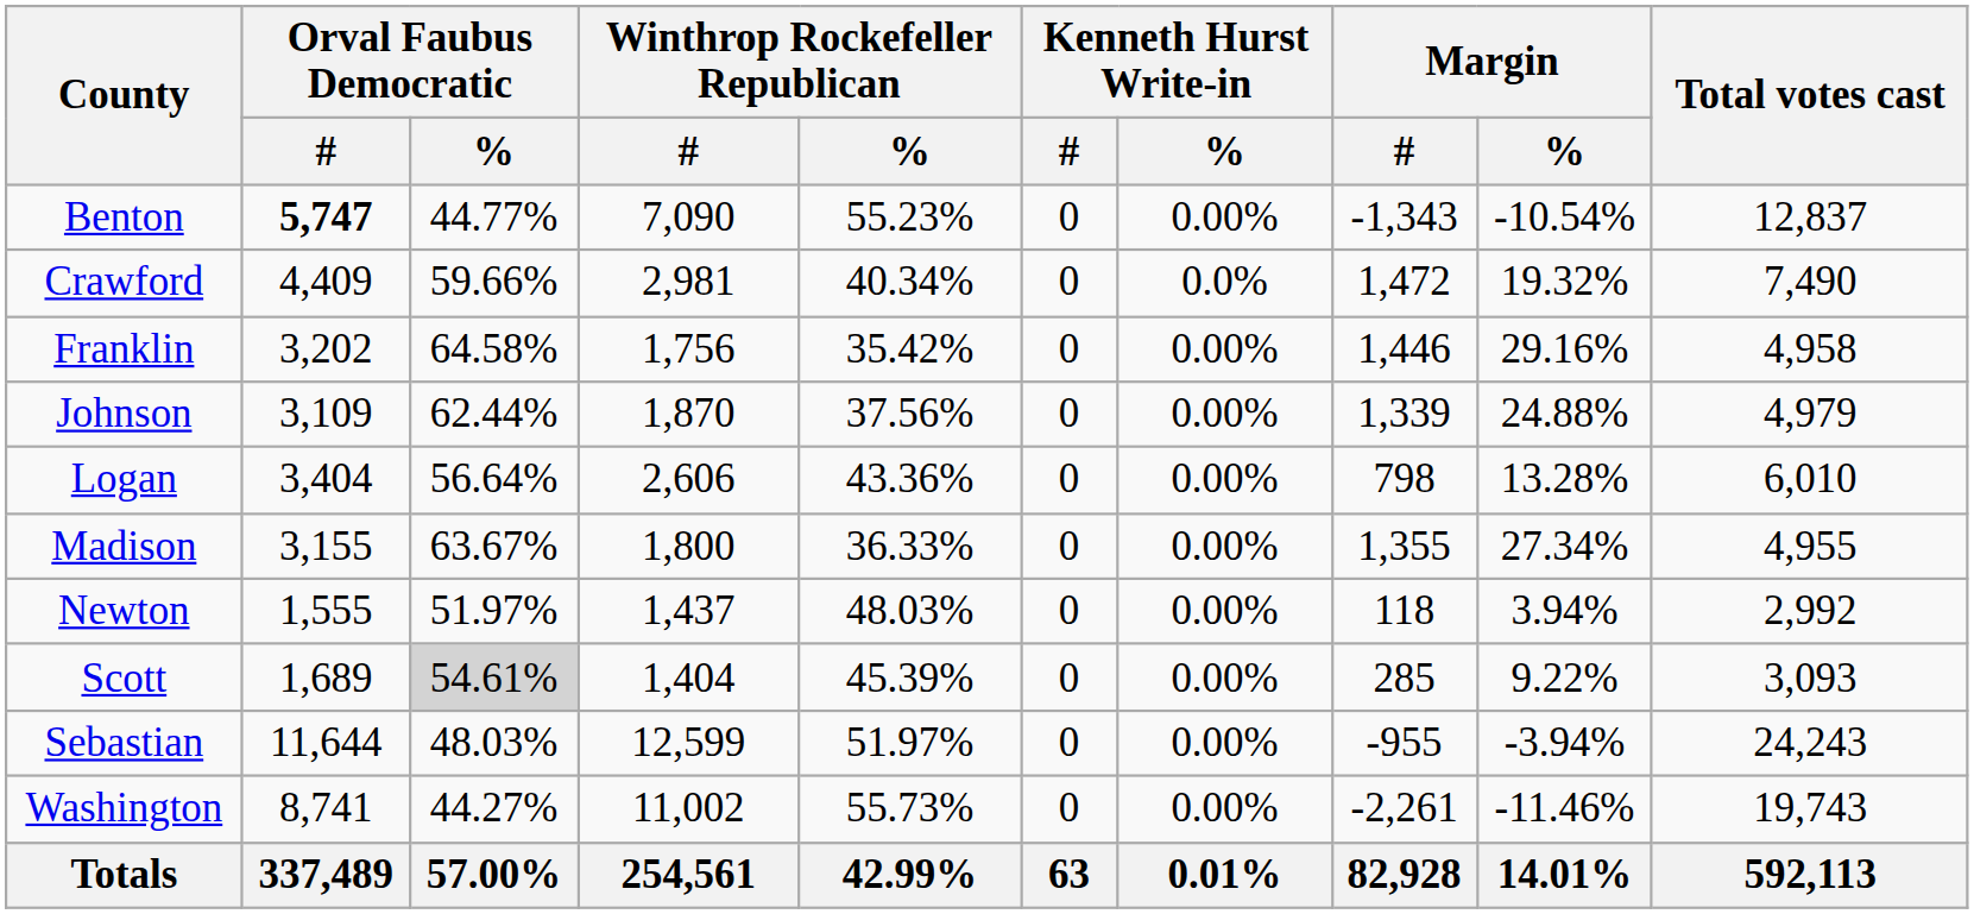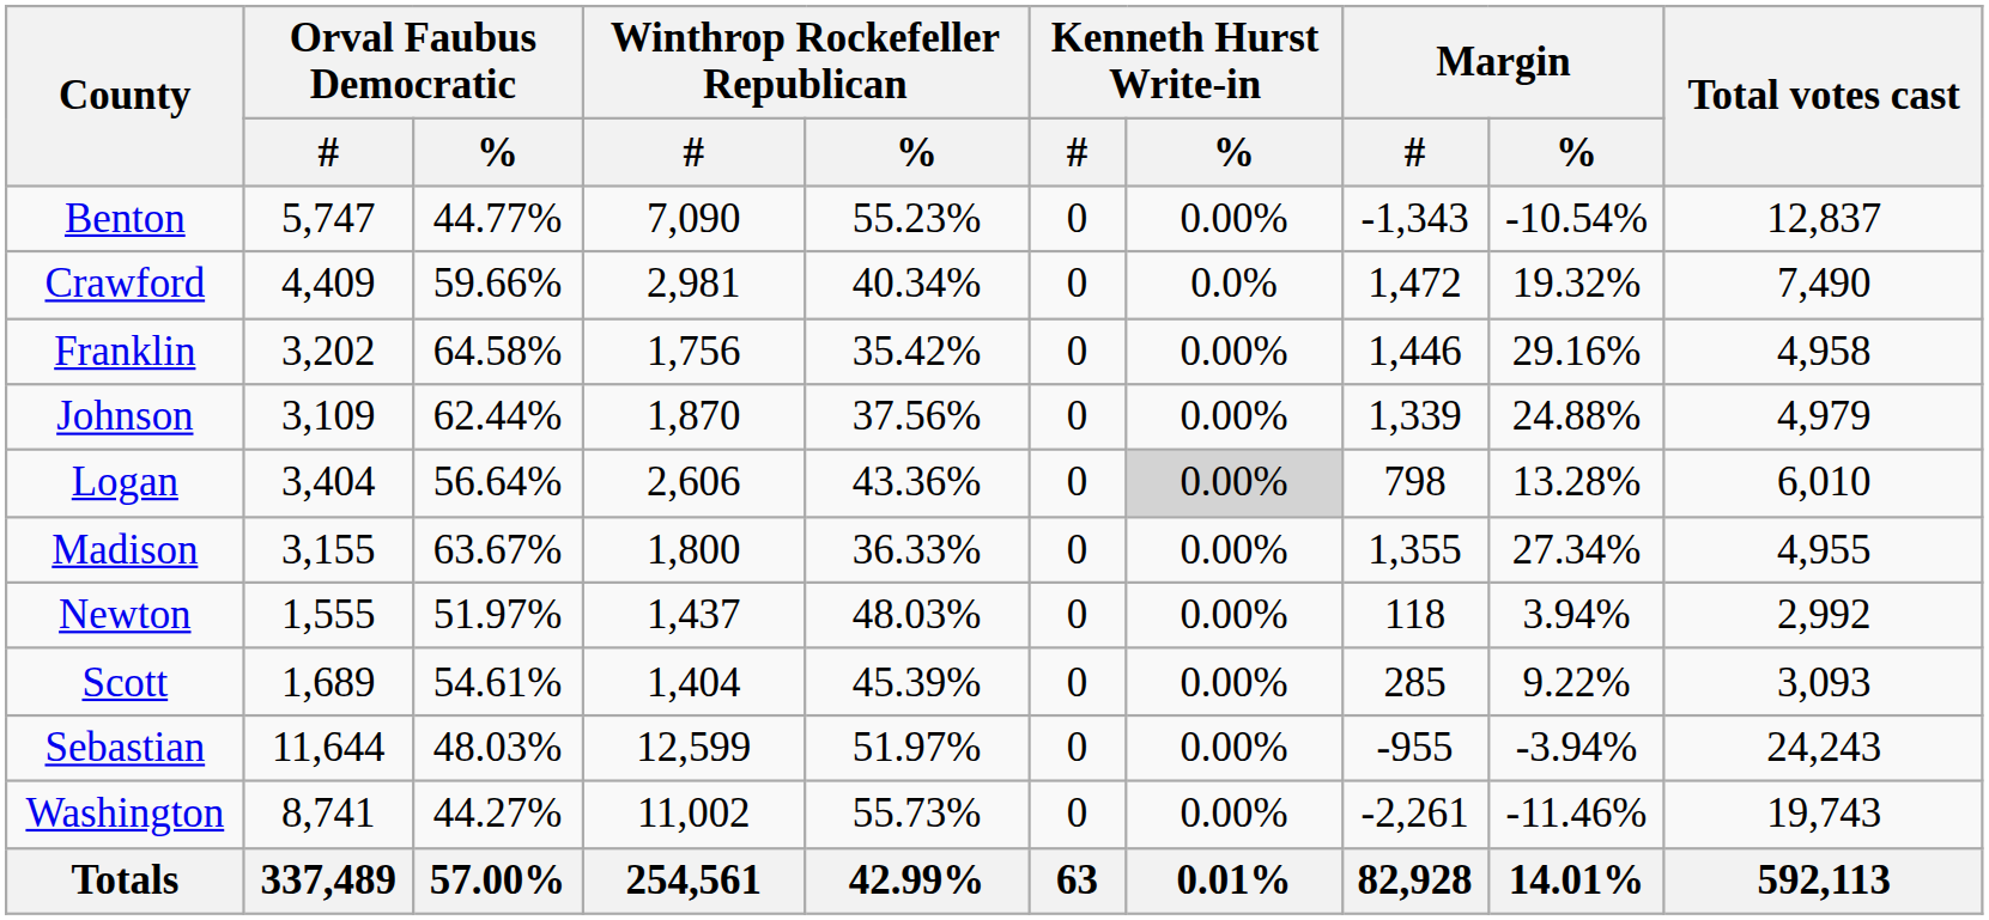 <table width="60%" class="wikitable sortable">
 <tr>
 <th rowspan="2">County</th>
 <th colspan="2">Orval Faubus<br>Democratic</th>
 <th colspan="2">Winthrop Rockefeller<br>Republican</th>
 <th colspan="2">Kenneth Hurst<br>Write-in</th>
 <th colspan="2">Margin</th>
 <th rowspan="2">Total votes cast</th>
 </tr>
 <tr>
 <th data-sort-type="number">#</th>
 <th data-sort-type="number">%</th>
 <th data-sort-type="number">#</th>
 <th data-sort-type="number">%</th>
 <th data-sort-type="number">#</th>
 <th data-sort-type="number">%</th>
 <th data-sort-type="number">#</th>
 <th data-sort-type="number">%</th>
 </tr>
 <tr style="text-align:center;">
 <td><a href='#'>Benton</a></td>
-<td><strong>5,747</strong></td>
+<td>5,747</td>
 <td>44.77%</td>
 <td>7,090</td>
 <td>55.23%</td>
 <td>0</td>
 <td>0.00%</td>
 <td>-1,343</td>
 <td>-10.54%</td>
 <td>12,837</td>
 </tr>
 <tr style="text-align:center;">
 <td><a href='#'>Crawford</a></td>
 <td>4,409</td>
 <td>59.66%</td>
 <td>2,981</td>
 <td>40.34%</td>
 <td>0</td>
 <td>0.0%</td>
 <td>1,472</td>
 <td>19.32%</td>
 <td>7,490</td>
 </tr>
 <tr style="text-align:center;">
 <td><a href='#'>Franklin</a></td>
 <td>3,202</td>
 <td>64.58%</td>
 <td>1,756</td>
 <td>35.42%</td>
 <td>0</td>
 <td>0.00%</td>
 <td>1,446</td>
 <td>29.16%</td>
 <td>4,958</td>
 </tr>
 <tr style="text-align:center;">
 <td><a href='#'>Johnson</a></td>
 <td>3,109</td>
 <td>62.44%</td>
 <td>1,870</td>
 <td>37.56%</td>
 <td>0</td>
 <td>0.00%</td>
 <td>1,339</td>
 <td>24.88%</td>
 <td>4,979</td>
 </tr>
 <tr style="text-align:center;">
 <td><a href='#'>Logan</a></td>
 <td>3,404</td>
 <td>56.64%</td>
 <td>2,606</td>
 <td>43.36%</td>
 <td>0</td>
-<td>0.00%</td>
+<td style="background: lightgrey;">0.00%</td>
 <td>798</td>
 <td>13.28%</td>
 <td>6,010</td>
 </tr>
 <tr style="text-align:center;">
 <td><a href='#'>Madison</a></td>
 <td>3,155</td>
 <td>63.67%</td>
 <td>1,800</td>
 <td>36.33%</td>
 <td>0</td>
 <td>0.00%</td>
 <td>1,355</td>
 <td>27.34%</td>
 <td>4,955</td>
 </tr>
 <tr style="text-align:center;">
 <td><a href='#'>Newton</a></td>
 <td>1,555</td>
 <td>51.97%</td>
 <td>1,437</td>
 <td>48.03%</td>
 <td>0</td>
 <td>0.00%</td>
 <td>118</td>
 <td>3.94%</td>
 <td>2,992</td>
 </tr>
 <tr style="text-align:center;">
 <td><a href='#'>Scott</a></td>
 <td>1,689</td>
-<td style="background: lightgrey;">54.61%</td>
+<td>54.61%</td>
 <td>1,404</td>
 <td>45.39%</td>
 <td>0</td>
 <td>0.00%</td>
 <td>285</td>
 <td>9.22%</td>
 <td>3,093</td>
 </tr>
 <tr style="text-align:center;">
 <td><a href='#'>Sebastian</a></td>
 <td>11,644</td>
 <td>48.03%</td>
 <td>12,599</td>
 <td>51.97%</td>
 <td>0</td>
 <td>0.00%</td>
 <td>-955</td>
 <td>-3.94%</td>
 <td>24,243</td>
 </tr>
 <tr style="text-align:center;">
 <td><a href='#'>Washington</a></td>
 <td>8,741</td>
 <td>44.27%</td>
 <td>11,002</td>
 <td>55.73%</td>
 <td>0</td>
 <td>0.00%</td>
 <td>-2,261</td>
 <td>-11.46%</td>
 <td>19,743</td>
 </tr>
 <tr>
 <th>Totals</th>
 <th>337,489</th>
 <th>57.00%</th>
 <th>254,561</th>
 <th>42.99%</th>
 <th>63</th>
 <th>0.01%</th>
 <th>82,928</th>
 <th>14.01%</th>
 <th>592,113</th>
 </tr>
 </table>
